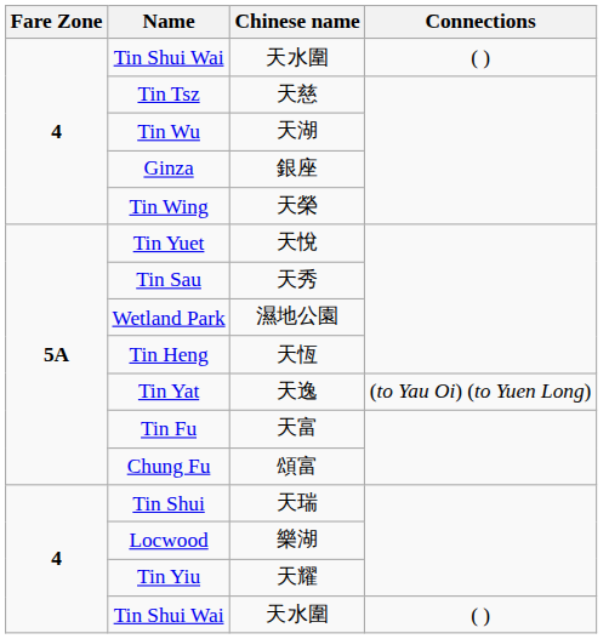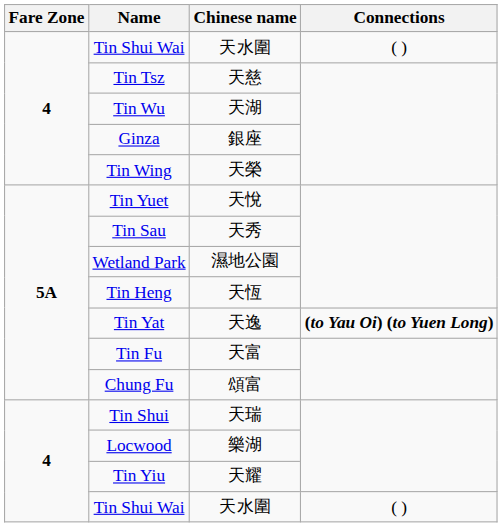 <table class="wikitable sortable" style="text-align: center;">
 <tr>
 <th>Fare Zone</th>
 <th data-sort-type="text">Name</th>
 <th>Chinese name</th>
 <th>Connections</th>
 </tr>
 <tr>
 <td rowspan='5'><strong>4</strong></td>
 <td><a href='#'>Tin Shui Wai</a></td>
 <td>天水圍</td>
 <td>   ( )</td>
 </tr>
 <tr>
 <td><a href='#'>Tin Tsz</a></td>
 <td>天慈</td>
 <td rowspan='4'> </td>
 </tr>
 <tr>
 <td><a href='#'>Tin Wu</a></td>
 <td>天湖</td>
 </tr>
 <tr>
 <td><a href='#'>Ginza</a></td>
 <td>銀座</td>
 </tr>
 <tr>
 <td><a href='#'>Tin Wing</a></td>
 <td>天榮</td>
 </tr>
 <tr>
 <td rowspan='7'><strong>5A</strong></td>
 <td><a href='#'>Tin Yuet</a></td>
 <td>天悅</td>
 <td rowspan='4'></td>
 </tr>
 <tr>
 <td><a href='#'>Tin Sau</a></td>
 <td>天秀</td>
 </tr>
 <tr>
 <td><a href='#'>Wetland Park</a></td>
 <td>濕地公園</td>
 </tr>
 <tr>
 <td><a href='#'>Tin Heng</a></td>
 <td>天恆</td>
 </tr>
 <tr>
 <td><a href='#'>Tin Yat</a></td>
 <td>天逸</td>
-<td rowspan='1'> (<em>to Yau Oi</em>)  (<em>to Yuen Long</em>)</td>
+<td rowspan='1'><strong> (<em>to Yau Oi</em>)  (<em>to Yuen Long</em>)</strong></td>
 </tr>
 <tr>
 <td><a href='#'>Tin Fu</a></td>
 <td>天富</td>
 <td rowspan='2'>  </td>
 </tr>
 <tr>
 <td><a href='#'>Chung Fu</a></td>
 <td>頌富</td>
 </tr>
 <tr>
 <td rowspan=4><strong>4</strong></td>
 <td><a href='#'>Tin Shui</a></td>
 <td>天瑞</td>
 <td rowspan='3'> </td>
 </tr>
 <tr>
 <td><a href='#'>Locwood</a></td>
 <td>樂湖</td>
 </tr>
 <tr>
 <td><a href='#'>Tin Yiu</a></td>
 <td>天耀</td>
 </tr>
 <tr>
 <td><a href='#'>Tin Shui Wai</a></td>
 <td>天水圍</td>
 <td>   ( )</td>
 </tr>
 </table>
